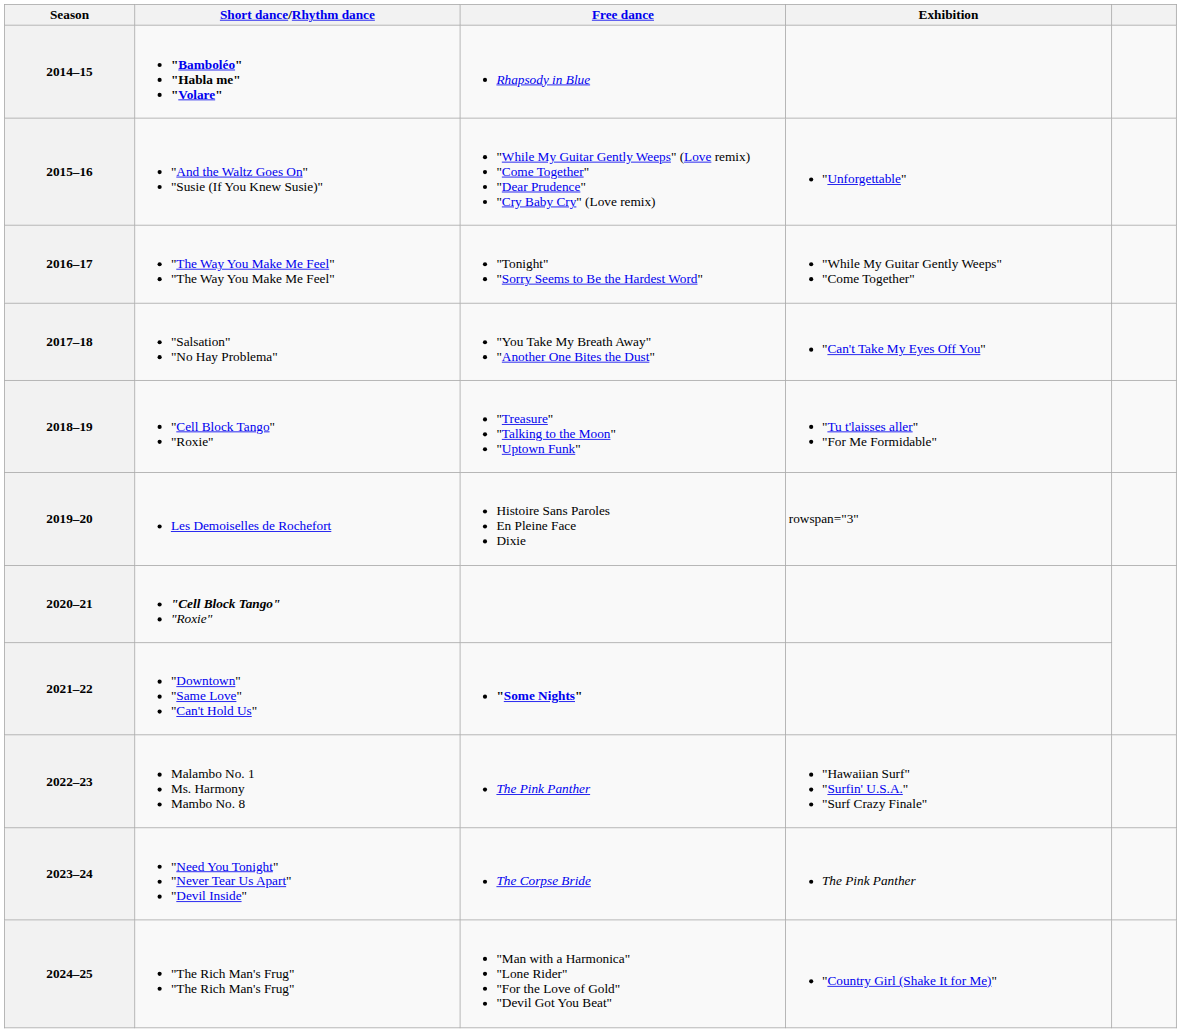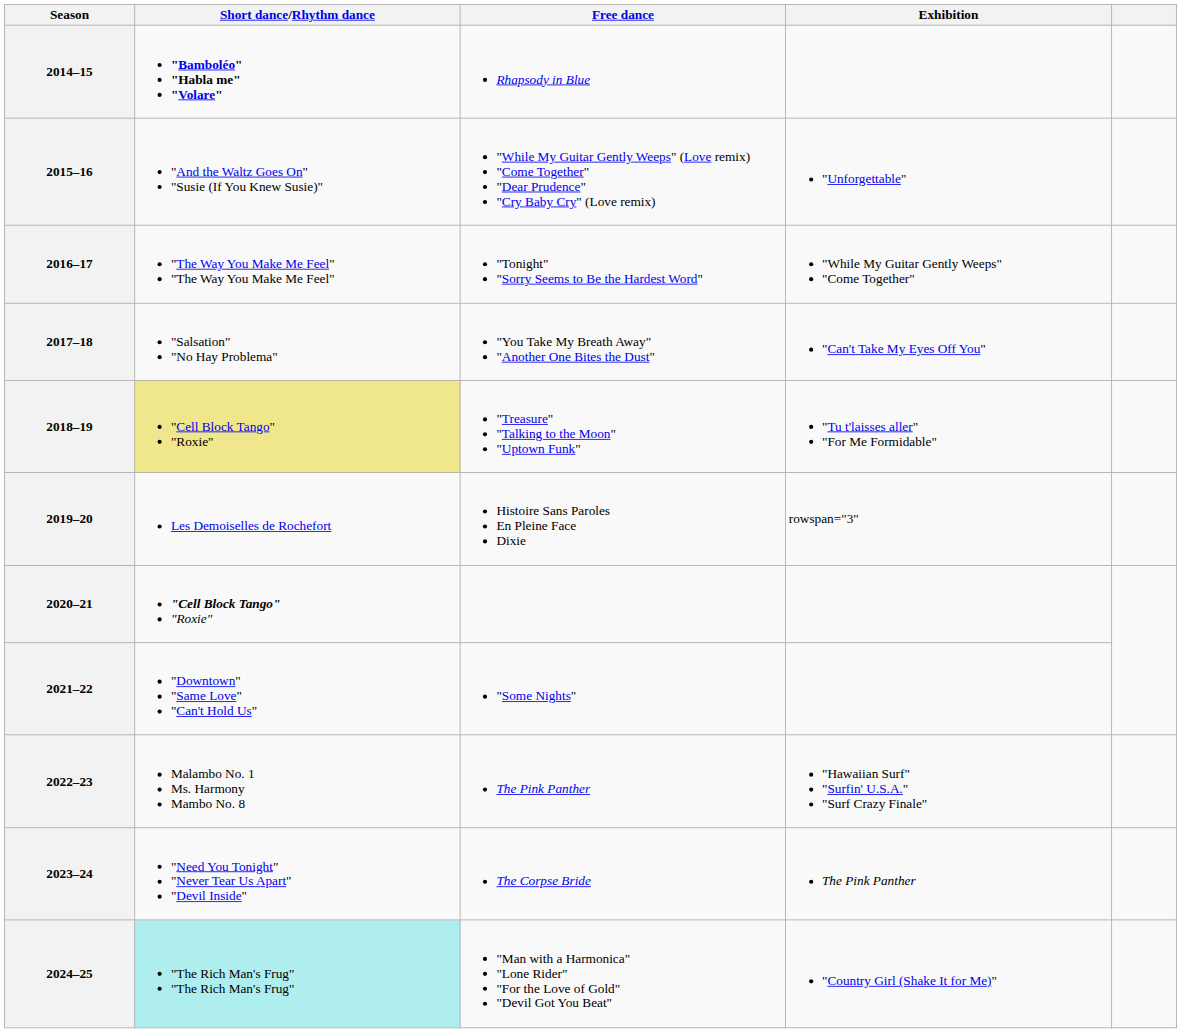 <table class="wikitable unsortable" style="text-align:left">
 <tr>
 <th scope="col" style="text-align:center; width:10%">Season</th>
 <th scope="col" style="text-align:center; width:25%"><a href='#'>Short dance</a>/<a href='#'>Rhythm dance</a></th>
 <th scope="col" style="text-align:center; width:25%"><a href='#'>Free dance</a></th>
 <th scope="col" style="text-align:center; width:25%">Exhibition</th>
 <th scope="col" style="text-align:center; width:5%"></th>
 </tr>
 <tr>
 <th scope="row">2014–15</th>
 <td><strong><br><ul><li>"<a href='#'>Bamboléo</a>"</li><li>"Habla me"</li><li>"<a href='#'>Volare</a>"<br></li></ul></strong></td>
 <td><br><ul><li><em><a href='#'>Rhapsody in Blue</a></em><br></li></ul></td>
 <td></td>
 <td></td>
 </tr>
 <tr>
 <th scope="row">2015–16</th>
 <td><br><ul><li><strong></strong> "<a href='#'>And the Waltz Goes On</a>"<br></li><li><strong></strong> "Susie (If You Knew Susie)"<br></li></ul></td>
 <td><br><ul><li>"<a href='#'>While My Guitar Gently Weeps</a>" (<a href='#'>Love</a> remix)</li><li>"<a href='#'>Come Together</a>"</li><li>"<a href='#'>Dear Prudence</a>"</li><li>"<a href='#'>Cry Baby Cry</a>" (Love remix)<br></li></ul></td>
 <td><br><ul><li>"<a href='#'>Unforgettable</a>"<br></li></ul></td>
 <td></td>
 </tr>
 <tr>
 <th scope="row" rowspan="2">2016–17</th>
 <td rowspan="2"><br><ul><li>"<a href='#'>The Way You Make Me Feel</a>"<br></li><li>"The Way You Make Me Feel"<br></li></ul></td>
 <td rowspan="2"><br><ul><li>"Tonight"<br></li><li>"<a href='#'>Sorry Seems to Be the Hardest Word</a>"<br></li></ul></td>
 <td><br><ul><li>"While My Guitar Gently Weeps"</li><li>"Come Together"<br></li></ul></td>
 <td rowspan="2"></td>
 </tr>
 <tr>
 <td rowspan="2"><br><ul><li>"<a href='#'>Can't Take My Eyes Off You</a>"</li></ul></td>
 </tr>
 <tr>
 <th scope="row">2017–18</th>
 <td><br><ul><li>"Salsation"<br></li><li>"No Hay Problema"<br></li></ul></td>
 <td><br><ul><li>"You Take My Breath Away"</li><li>"<a href='#'>Another One Bites the Dust</a>"<br></li></ul></td>
 <td></td>
 </tr>
 <tr>
 <th scope="row">2018–19</th>
-<td><br><ul><li><strong></strong> "<a href='#'>Cell Block Tango</a>"</li><li><strong></strong> "Roxie"<br></li></ul></td>
+<td style="background: khaki;"><br><ul><li><strong></strong> "<a href='#'>Cell Block Tango</a>"</li><li><strong></strong> "Roxie"<br></li></ul></td>
 <td><br><ul><li>"<a href='#'>Treasure</a>"</li><li>"<a href='#'>Talking to the Moon</a>"</li><li>"<a href='#'>Uptown Funk</a>"<br></li></ul></td>
 <td><br><ul><li>"<a href='#'>Tu t'laisses aller</a>"</li><li>"For Me Formidable"<br></li></ul></td>
 <td></td>
 </tr>
 <tr>
 <th scope="row">2019–20</th>
 <td><br><ul><li> <a href='#'>Les Demoiselles de Rochefort</a> <br> </li></ul></td>
 <td><br><ul><li>Histoire Sans Paroles</li><li>En Pleine Face</li><li>Dixie <br> </li></ul></td>
 <td>rowspan="3" </td>
 <td></td>
 </tr>
 <tr>
 <th scope="row">2020–21</th>
 <td><br><ul><li><strong><em><strong> "Cell Block Tango"<em></li><li></em></strong></strong> "Roxie"</em></li></ul></td>
 <td></td>
 <td></td>
 </tr>
 <tr>
 <th scope="row">2021–22</th>
 <td><br><ul><li>"<a href='#'>Downtown</a>"</li><li>"<a href='#'>Same Love</a>"</li><li>"<a href='#'>Can't Hold Us</a>"</li></ul></td>
-<td><strong><br><ul><li>"<a href='#'>Some Nights</a>"<br></li></ul></strong></td>
+<td><br><ul><li>"<a href='#'>Some Nights</a>"<br></li></ul></td>
 <td></td>
 </tr>
 <tr>
 <th scope="row">2022–23</th>
 <td><br><ul><li><strong></strong> Malambo No. 1<br></li><li><strong></strong> Ms. Harmony<br></li><li><strong></strong> Mambo No. 8<br></li></ul></td>
 <td><br><ul><li><em><a href='#'>The Pink Panther</a></em><br></li></ul></td>
 <td><br><ul><li>"Hawaiian Surf"<br></li><li>"<a href='#'>Surfin' U.S.A.</a>"<br></li><li>"Surf Crazy Finale"<br></li></ul></td>
 <td></td>
 </tr>
 <tr>
 <th scope="row">2023–24</th>
 <td><br><ul><li>"<a href='#'>Need You Tonight</a>"</li><li>"<a href='#'>Never Tear Us Apart</a>"</li><li>"<a href='#'>Devil Inside</a>"<br></li></ul></td>
 <td><br><ul><li><em><a href='#'>The Corpse Bride</a></em><br></li></ul></td>
 <td><br><ul><li><em>The Pink Panther</em></li></ul></td>
 <td></td>
 </tr>
 <tr>
 <th scope="row">2024–25</th>
-<td><br><ul><li>"The Rich Man's Frug"<br> </li><li>"The Rich Man's Frug"<br> </li></ul></td>
+<td style="background: paleturquoise;"><br><ul><li>"The Rich Man's Frug"<br> </li><li>"The Rich Man's Frug"<br> </li></ul></td>
 <td><br><ul><li>"Man with a Harmonica"<br></li><li>"Lone Rider"</li><li>"For the Love of Gold"<br></li><li>"Devil Got You Beat"<br> </li></ul></td>
 <td><br><ul><li>"<a href='#'>Country Girl (Shake It for Me)</a>"<br></li></ul></td>
 <td></td>
 </tr>
 </table>
